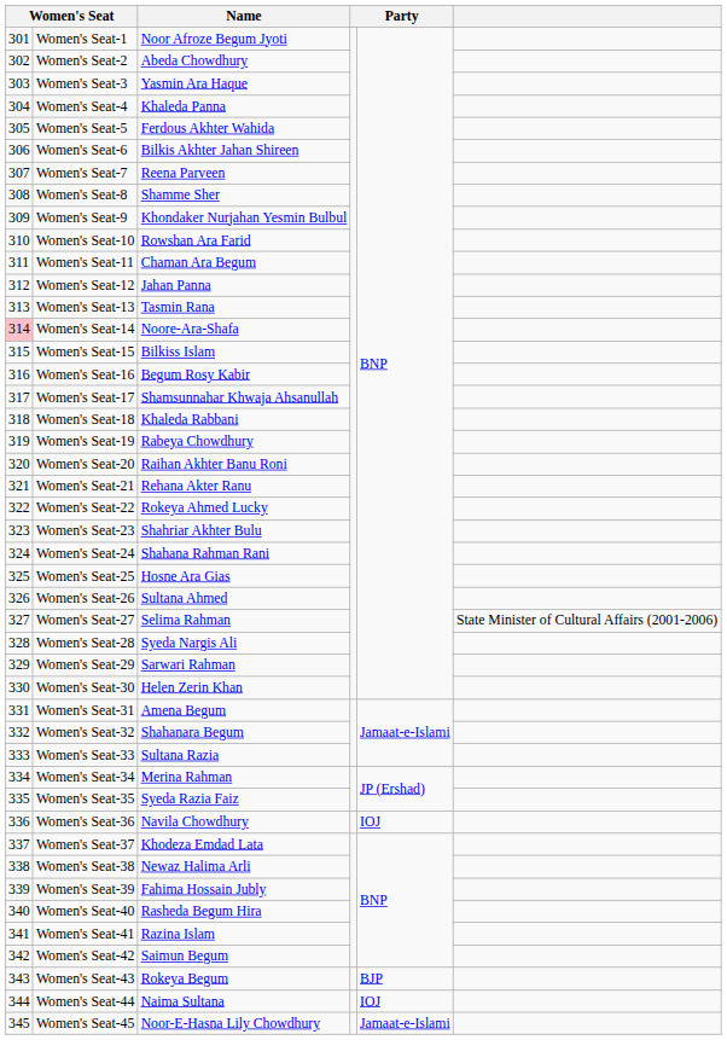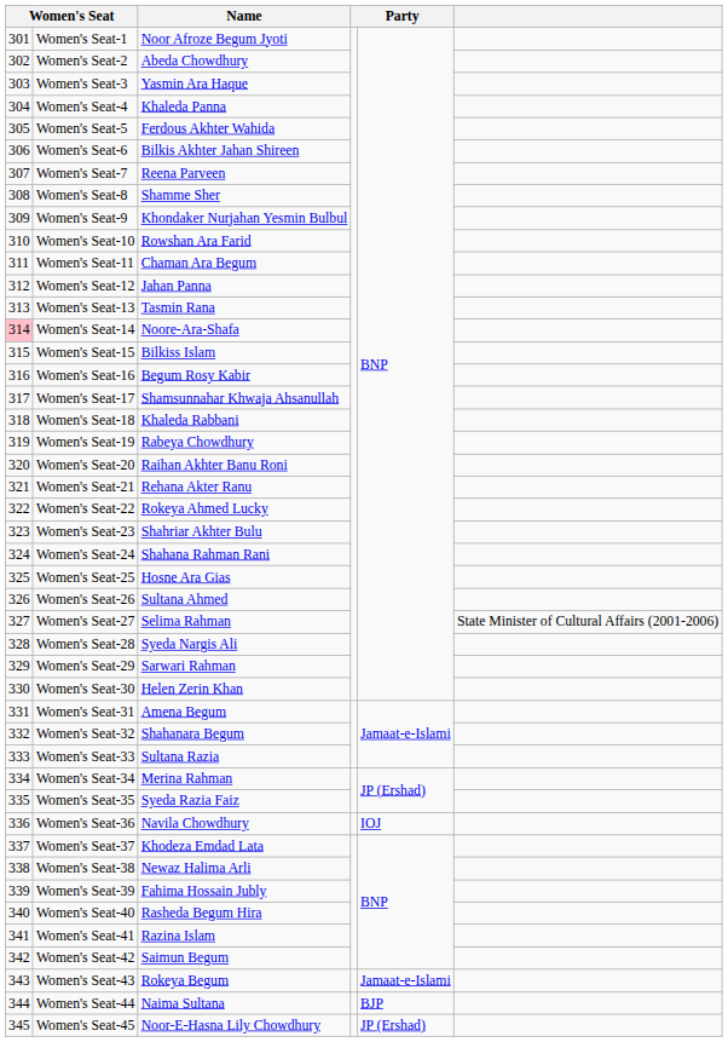 <table class="wikitable sortable">
 <tr>
 <th colspan="2">Women's Seat</th>
 <th>Name</th>
 <th colspan="2">Party</th>
 <th></th>
 </tr>
 <tr>
 <td>301</td>
 <td>Women's Seat-1</td>
 <td><a href='#'>Noor Afroze Begum Jyoti</a></td>
 <td rowspan="30" style="background-color:"></td>
 <td rowspan="30"><a href='#'>BNP</a></td>
 <td></td>
 </tr>
 <tr>
 <td>302</td>
 <td>Women's Seat-2</td>
 <td><a href='#'>Abeda Chowdhury</a></td>
 <td></td>
 </tr>
 <tr>
 <td>303</td>
 <td>Women's Seat-3</td>
 <td><a href='#'>Yasmin Ara Haque</a></td>
 <td></td>
 </tr>
 <tr>
 <td>304</td>
 <td>Women's Seat-4</td>
 <td><a href='#'>Khaleda Panna</a></td>
 <td></td>
 </tr>
 <tr>
 <td>305</td>
 <td>Women's Seat-5</td>
 <td><a href='#'>Ferdous Akhter Wahida</a></td>
 <td></td>
 </tr>
 <tr>
 <td>306</td>
 <td>Women's Seat-6</td>
 <td><a href='#'>Bilkis Akhter Jahan Shireen</a></td>
 <td></td>
 </tr>
 <tr>
 <td>307</td>
 <td>Women's Seat-7</td>
 <td><a href='#'>Reena Parveen</a></td>
 <td></td>
 </tr>
 <tr>
 <td>308</td>
 <td>Women's Seat-8</td>
 <td><a href='#'>Shamme Sher</a></td>
 <td></td>
 </tr>
 <tr>
 <td>309</td>
 <td>Women's Seat-9</td>
 <td><a href='#'>Khondaker Nurjahan Yesmin Bulbul</a></td>
 <td></td>
 </tr>
 <tr>
 <td>310</td>
 <td>Women's Seat-10</td>
 <td><a href='#'>Rowshan Ara Farid</a></td>
 <td></td>
 </tr>
 <tr>
 <td>311</td>
 <td>Women's Seat-11</td>
 <td><a href='#'>Chaman Ara Begum</a></td>
 <td></td>
 </tr>
 <tr>
 <td>312</td>
 <td>Women's Seat-12</td>
 <td><a href='#'>Jahan Panna</a></td>
 <td></td>
 </tr>
 <tr>
 <td>313</td>
 <td>Women's Seat-13</td>
 <td><a href='#'>Tasmin Rana</a></td>
 <td></td>
 </tr>
 <tr>
 <td style="background: pink;">314</td>
 <td>Women's Seat-14</td>
 <td><a href='#'>Noore-Ara-Shafa</a></td>
 <td></td>
 </tr>
 <tr>
 <td>315</td>
 <td>Women's Seat-15</td>
 <td><a href='#'>Bilkiss Islam</a></td>
 <td></td>
 </tr>
 <tr>
 <td>316</td>
 <td>Women's Seat-16</td>
 <td><a href='#'>Begum Rosy Kabir</a></td>
 <td></td>
 </tr>
 <tr>
 <td>317</td>
 <td>Women's Seat-17</td>
 <td><a href='#'>Shamsunnahar Khwaja Ahsanullah</a></td>
 <td></td>
 </tr>
 <tr>
 <td>318</td>
 <td>Women's Seat-18</td>
 <td><a href='#'>Khaleda Rabbani</a></td>
 <td></td>
 </tr>
 <tr>
 <td>319</td>
 <td>Women's Seat-19</td>
 <td><a href='#'>Rabeya Chowdhury</a></td>
 <td></td>
 </tr>
 <tr>
 <td>320</td>
 <td>Women's Seat-20</td>
 <td><a href='#'>Raihan Akhter Banu Roni</a></td>
 <td></td>
 </tr>
 <tr>
 <td>321</td>
 <td>Women's Seat-21</td>
 <td><a href='#'>Rehana Akter Ranu</a></td>
 <td></td>
 </tr>
 <tr>
 <td>322</td>
 <td>Women's Seat-22</td>
 <td><a href='#'>Rokeya Ahmed Lucky</a></td>
 <td></td>
 </tr>
 <tr>
 <td>323</td>
 <td>Women's Seat-23</td>
 <td><a href='#'>Shahriar Akhter Bulu</a></td>
 <td></td>
 </tr>
 <tr>
 <td>324</td>
 <td>Women's Seat-24</td>
 <td><a href='#'>Shahana Rahman Rani</a></td>
 <td></td>
 </tr>
 <tr>
 <td>325</td>
 <td>Women's Seat-25</td>
 <td><a href='#'>Hosne Ara Gias</a></td>
 <td></td>
 </tr>
 <tr>
 <td>326</td>
 <td>Women's Seat-26</td>
 <td><a href='#'>Sultana Ahmed</a></td>
 <td></td>
 </tr>
 <tr>
 <td>327</td>
 <td>Women's Seat-27</td>
 <td><a href='#'>Selima Rahman</a></td>
 <td>State Minister of Cultural Affairs (2001-2006)</td>
 </tr>
 <tr>
 <td>328</td>
 <td>Women's Seat-28</td>
 <td><a href='#'>Syeda Nargis Ali</a></td>
 <td></td>
 </tr>
 <tr>
 <td>329</td>
 <td>Women's Seat-29</td>
 <td><a href='#'>Sarwari Rahman</a></td>
 <td></td>
 </tr>
 <tr>
 <td>330</td>
 <td>Women's Seat-30</td>
 <td><a href='#'>Helen Zerin Khan</a></td>
 <td></td>
 </tr>
 <tr>
 <td>331</td>
 <td>Women's Seat-31</td>
 <td><a href='#'>Amena Begum</a></td>
 <td rowspan="3" style="background-color:"></td>
 <td rowspan="3"><a href='#'>Jamaat-e-Islami</a></td>
 <td></td>
 </tr>
 <tr>
 <td>332</td>
 <td>Women's Seat-32</td>
 <td><a href='#'>Shahanara Begum</a></td>
 <td></td>
 </tr>
 <tr>
 <td>333</td>
 <td>Women's Seat-33</td>
 <td><a href='#'>Sultana Razia</a></td>
 <td></td>
 </tr>
 <tr>
 <td>334</td>
 <td>Women's Seat-34</td>
 <td><a href='#'>Merina Rahman</a></td>
 <td rowspan="2" style="background-color:"></td>
 <td rowspan="2"><a href='#'>JP (Ershad)</a></td>
 <td></td>
 </tr>
 <tr>
 <td>335</td>
 <td>Women's Seat-35</td>
 <td><a href='#'>Syeda Razia Faiz</a></td>
 <td></td>
 </tr>
 <tr>
 <td>336</td>
 <td>Women's Seat-36</td>
 <td><a href='#'>Navila Chowdhury</a></td>
 <td style="background-color:"></td>
 <td><a href='#'>IOJ</a></td>
 <td></td>
 </tr>
 <tr>
 <td>337</td>
 <td>Women's Seat-37</td>
 <td><a href='#'>Khodeza Emdad Lata</a></td>
 <td rowspan="6" style="background-color:"></td>
 <td rowspan="6"><a href='#'>BNP</a></td>
 <td></td>
 </tr>
 <tr>
 <td>338</td>
 <td>Women's Seat-38</td>
 <td><a href='#'>Newaz Halima Arli</a></td>
 <td></td>
 </tr>
 <tr>
 <td>339</td>
 <td>Women's Seat-39</td>
 <td><a href='#'>Fahima Hossain Jubly</a></td>
 <td></td>
 </tr>
 <tr>
 <td>340</td>
 <td>Women's Seat-40</td>
 <td><a href='#'>Rasheda Begum Hira</a></td>
 <td></td>
 </tr>
 <tr>
 <td>341</td>
 <td>Women's Seat-41</td>
 <td><a href='#'>Razina Islam</a></td>
 <td></td>
 </tr>
 <tr>
 <td>342</td>
 <td>Women's Seat-42</td>
 <td><a href='#'>Saimun Begum</a></td>
 <td></td>
 </tr>
 <tr>
 <td>343</td>
 <td>Women's Seat-43</td>
 <td><a href='#'>Rokeya Begum</a></td>
 <td style="background-color:"></td>
-<td><a href='#'>BJP</a></td>
+<td><a href='#'>Jamaat-e-Islami</a></td>
 <td></td>
 </tr>
 <tr>
 <td>344</td>
 <td>Women's Seat-44</td>
 <td><a href='#'>Naima Sultana</a></td>
 <td style="background-color:"></td>
-<td><a href='#'>IOJ</a></td>
+<td><a href='#'>BJP</a></td>
 <td></td>
 </tr>
 <tr>
 <td>345</td>
 <td>Women's Seat-45</td>
 <td><a href='#'>Noor-E-Hasna Lily Chowdhury</a></td>
 <td style="background-color:"></td>
-<td><a href='#'>Jamaat-e-Islami</a></td>
+<td><a href='#'>JP (Ershad)</a></td>
 <td></td>
 </tr>
 </table>
